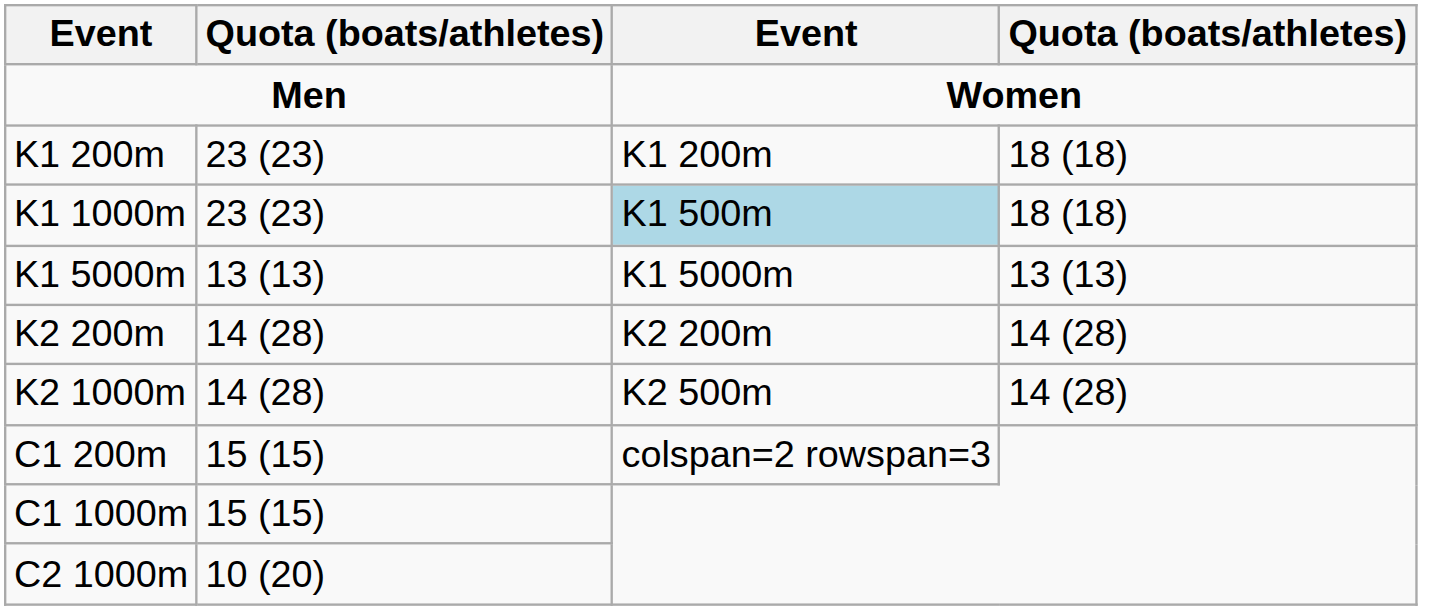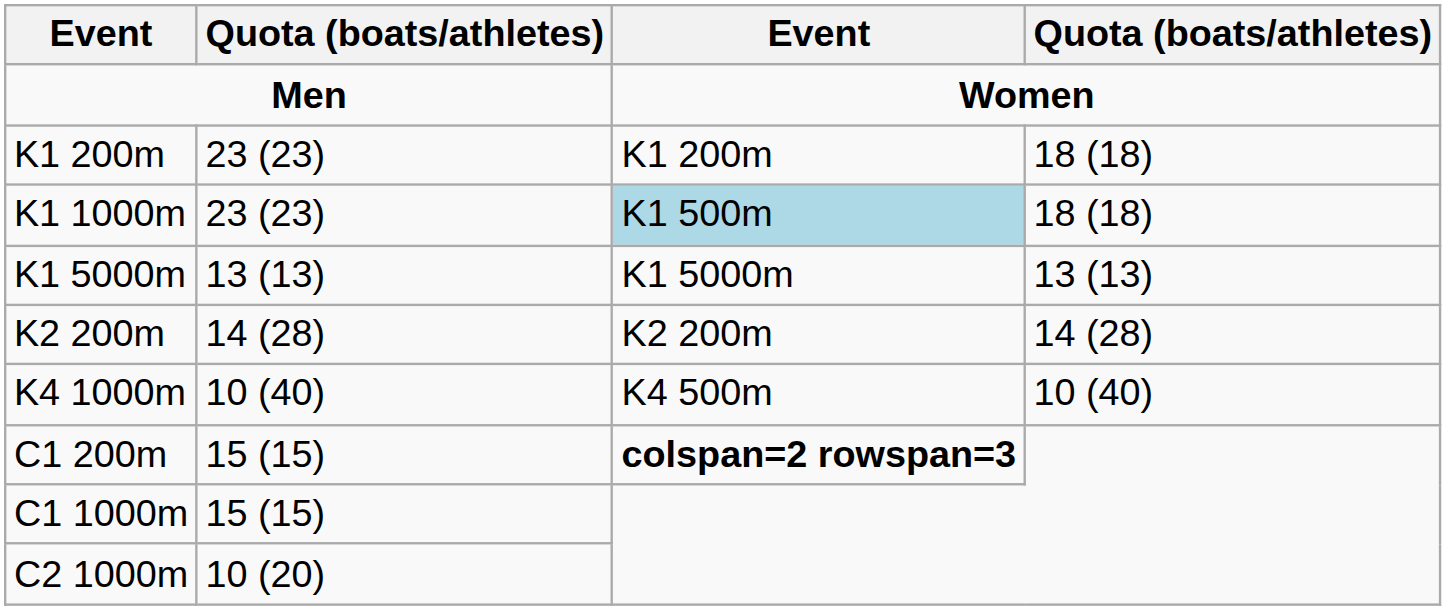 <table class="wikitable" align="center">
 <tr>
 <th>Event</th>
 <th>Quota (boats/athletes)</th>
 <th>Event</th>
 <th>Quota (boats/athletes)</th>
 </tr>
 <tr>
 <td colspan=2 align=center><strong>Men</strong></td>
 <td colspan=2 align=center><strong>Women</strong></td>
 </tr>
 <tr>
 <td>K1 200m</td>
 <td>23 (23)</td>
 <td>K1 200m</td>
 <td>18 (18)</td>
 </tr>
 <tr>
 <td>K1 1000m</td>
 <td>23 (23)</td>
 <td style="background: lightblue;">K1 500m</td>
 <td>18 (18)</td>
 </tr>
 <tr>
 <td>K1 5000m</td>
 <td>13 (13)</td>
 <td>K1 5000m</td>
 <td>13 (13)</td>
 </tr>
 <tr>
 <td>K2 200m</td>
 <td>14 (28)</td>
 <td>K2 200m</td>
 <td>14 (28)</td>
 </tr>
 <tr>
-<td>K2 1000m</td>
-<td>14 (28)</td>
-<td>K2 500m</td>
-<td>14 (28)</td>
+<td>K4 1000m</td>
+<td>10 (40)</td>
+<td>K4 500m</td>
+<td>10 (40)</td>
 </tr>
 <tr>
 <td>C1 200m</td>
 <td>15 (15)</td>
-<td>colspan=2 rowspan=3 </td>
+<td><strong>colspan=2 rowspan=3 </strong></td>
 </tr>
 <tr>
 <td>C1 1000m</td>
 <td>15 (15)</td>
 </tr>
 <tr>
 <td>C2 1000m</td>
 <td>10 (20)</td>
 </tr>
 </table>
